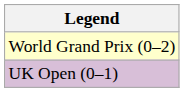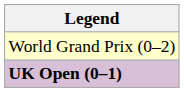 <table class="wikitable">
 <tr>
 <th>Legend</th>
 </tr>
 <tr style="background:#FFFFCC;">
 <td>World Grand Prix (0–2)</td>
 </tr>
 <tr style="background:thistle">
-<td>UK Open (0–1)</td>
+<td><strong>UK Open (0–1)</strong></td>
 </tr>
 </table>
